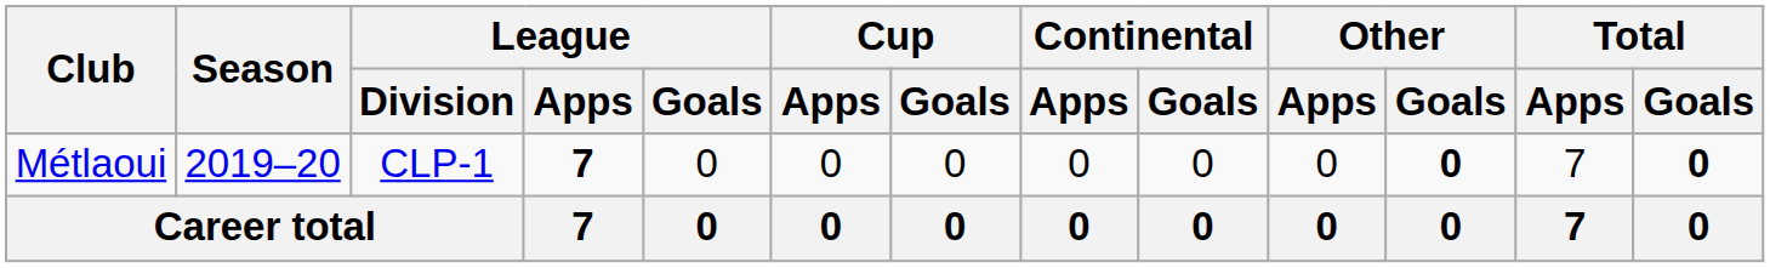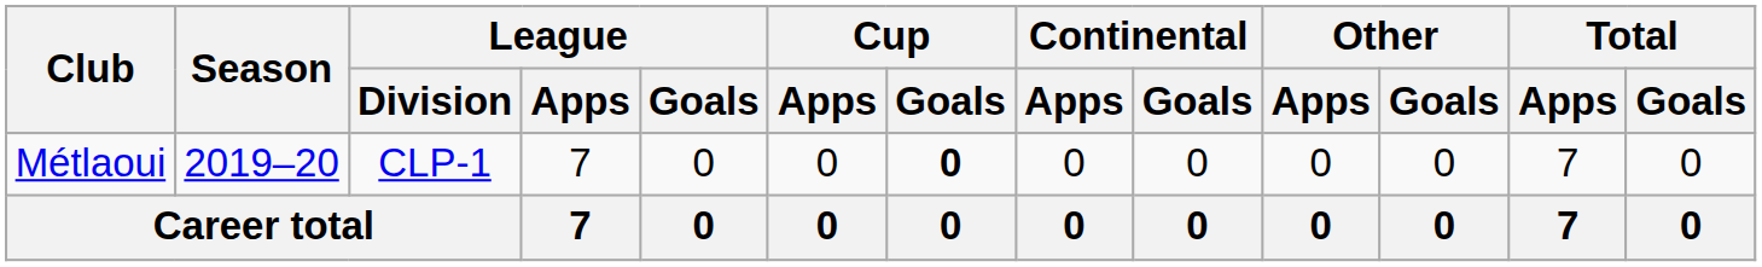 <table class="wikitable" style="text-align: center">
 <tr>
 <th rowspan="2">Club</th>
 <th rowspan="2">Season</th>
 <th colspan="3">League</th>
 <th colspan="2">Cup</th>
 <th colspan="2">Continental</th>
 <th colspan="2">Other</th>
 <th colspan="2">Total</th>
 </tr>
 <tr>
 <th>Division</th>
 <th>Apps</th>
 <th>Goals</th>
 <th>Apps</th>
 <th>Goals</th>
 <th>Apps</th>
 <th>Goals</th>
 <th>Apps</th>
 <th>Goals</th>
 <th>Apps</th>
 <th>Goals</th>
 </tr>
 <tr>
 <td><a href='#'>Métlaoui</a></td>
 <td><a href='#'>2019–20</a></td>
 <td><a href='#'>CLP-1</a></td>
-<td><strong>7</strong></td>
+<td>7</td>
+<td>0</td>
+<td>0</td>
+<td><strong>0</strong></td>
 <td>0</td>
 <td>0</td>
 <td>0</td>
 <td>0</td>
+<td>7</td>
 <td>0</td>
-<td>0</td>
-<td><strong>0</strong></td>
-<td>7</td>
-<td><strong>0</strong></td>
 </tr>
 <tr>
 <th colspan="3"><strong>Career total</strong></th>
 <th>7</th>
 <th>0</th>
 <th>0</th>
 <th>0</th>
 <th>0</th>
 <th>0</th>
 <th>0</th>
 <th>0</th>
 <th>7</th>
 <th>0</th>
 </tr>
 </table>
